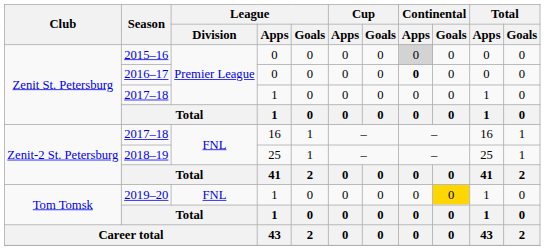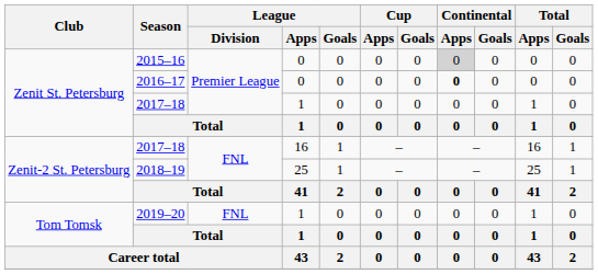 <table class="wikitable" style="text-align: center;">
 <tr>
 <th rowspan=2>Club</th>
 <th rowspan=2>Season</th>
 <th colspan=3>League</th>
 <th colspan=2>Cup</th>
 <th colspan=2>Continental</th>
 <th colspan=2>Total</th>
 </tr>
 <tr>
 <th>Division</th>
 <th>Apps</th>
 <th>Goals</th>
 <th>Apps</th>
 <th>Goals</th>
 <th>Apps</th>
 <th>Goals</th>
 <th>Apps</th>
 <th>Goals</th>
 </tr>
 <tr>
 <td rowspan=4><a href='#'>Zenit St. Petersburg</a></td>
 <td><a href='#'>2015–16</a></td>
 <td rowspan=3><a href='#'>Premier League</a></td>
 <td>0</td>
 <td>0</td>
 <td>0</td>
 <td>0</td>
 <td style="background: lightgrey;">0</td>
 <td>0</td>
 <td>0</td>
 <td>0</td>
 </tr>
 <tr>
 <td><a href='#'>2016–17</a></td>
 <td>0</td>
 <td>0</td>
 <td>0</td>
 <td>0</td>
 <td><strong>0</strong></td>
 <td>0</td>
 <td>0</td>
 <td>0</td>
 </tr>
 <tr>
 <td><a href='#'>2017–18</a></td>
 <td>1</td>
 <td>0</td>
 <td>0</td>
 <td>0</td>
 <td>0</td>
 <td>0</td>
 <td>1</td>
 <td>0</td>
 </tr>
 <tr>
 <th colspan=2>Total</th>
 <th>1</th>
 <th>0</th>
 <th>0</th>
 <th>0</th>
 <th>0</th>
 <th>0</th>
 <th>1</th>
 <th>0</th>
 </tr>
 <tr>
 <td rowspan=3><a href='#'>Zenit-2 St. Petersburg</a></td>
 <td><a href='#'>2017–18</a></td>
 <td rowspan=2><a href='#'>FNL</a></td>
 <td>16</td>
 <td>1</td>
 <td colspan=2>–</td>
 <td colspan=2>–</td>
 <td>16</td>
 <td>1</td>
 </tr>
 <tr>
 <td><a href='#'>2018–19</a></td>
 <td>25</td>
 <td>1</td>
 <td colspan=2>–</td>
 <td colspan=2>–</td>
 <td>25</td>
 <td>1</td>
 </tr>
 <tr>
 <th colspan=2>Total</th>
 <th>41</th>
 <th>2</th>
 <th>0</th>
 <th>0</th>
 <th>0</th>
 <th>0</th>
 <th>41</th>
 <th>2</th>
 </tr>
 <tr>
 <td rowspan=2><a href='#'>Tom Tomsk</a></td>
 <td><a href='#'>2019–20</a></td>
 <td><a href='#'>FNL</a></td>
 <td>1</td>
 <td>0</td>
 <td>0</td>
 <td>0</td>
 <td>0</td>
-<td style="background: gold;">0</td>
+<td>0</td>
 <td>1</td>
 <td>0</td>
 </tr>
 <tr>
 <th colspan=2>Total</th>
 <th>1</th>
 <th>0</th>
 <th>0</th>
 <th>0</th>
 <th>0</th>
 <th>0</th>
 <th>1</th>
 <th>0</th>
 </tr>
 <tr>
 <th colspan=3>Career total</th>
 <th>43</th>
 <th>2</th>
 <th>0</th>
 <th>0</th>
 <th>0</th>
 <th>0</th>
 <th>43</th>
 <th>2</th>
 </tr>
 <tr>
 </tr>
 </table>
